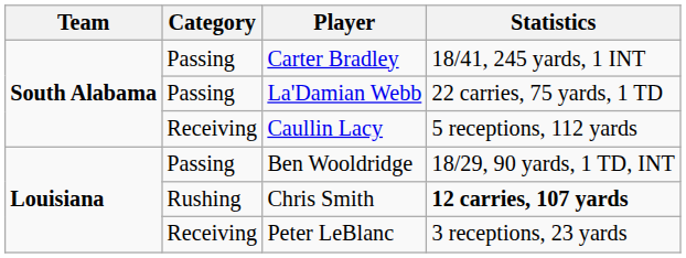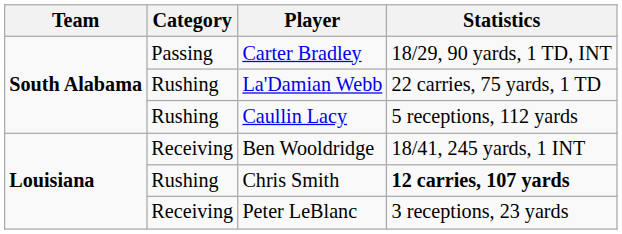 <table class="wikitable" style="float: left;">
 <tr>
 <th>Team</th>
 <th>Category</th>
 <th>Player</th>
 <th>Statistics</th>
 </tr>
 <tr>
 <td rowspan=3><strong>South Alabama</strong></td>
 <td>Passing</td>
 <td><a href='#'>Carter Bradley</a></td>
-<td>18/41, 245 yards, 1 INT</td>
+<td>18/29, 90 yards, 1 TD, INT</td>
 </tr>
 <tr>
-<td>Passing</td>
+<td>Rushing</td>
 <td><a href='#'>La'Damian Webb</a></td>
 <td>22 carries, 75 yards, 1 TD</td>
 </tr>
 <tr>
-<td>Receiving</td>
+<td>Rushing</td>
 <td><a href='#'>Caullin Lacy</a></td>
 <td>5 receptions, 112 yards</td>
 </tr>
 <tr>
 <td rowspan=3><strong>Louisiana</strong></td>
-<td>Passing</td>
+<td>Receiving</td>
 <td>Ben Wooldridge</td>
-<td>18/29, 90 yards, 1 TD, INT</td>
+<td>18/41, 245 yards, 1 INT</td>
 </tr>
 <tr>
 <td>Rushing</td>
 <td>Chris Smith</td>
 <td><strong>12 carries, 107 yards</strong></td>
 </tr>
 <tr>
 <td>Receiving</td>
 <td>Peter LeBlanc</td>
 <td>3 receptions, 23 yards</td>
 </tr>
 </table>
